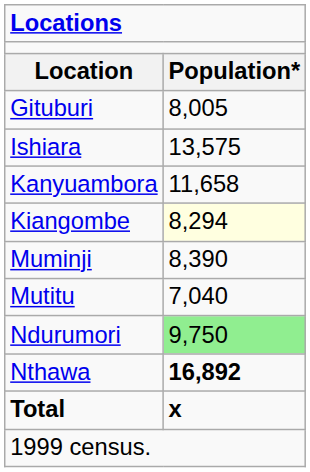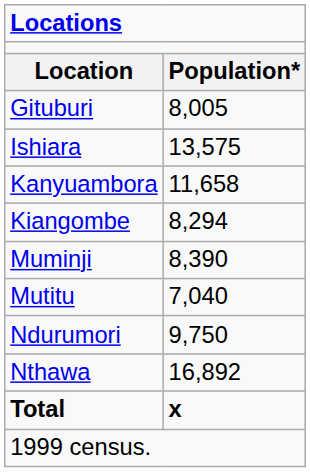 <table class="wikitable">
 <tr>
 <td colspan="2"><strong><a href='#'>Locations</a></strong></td>
 </tr>
 <tr>
 <td colspan="2"></td>
 </tr>
 <tr>
 <th>Location</th>
 <th>Population*</th>
 </tr>
 <tr>
 <td><a href='#'>Gituburi</a></td>
 <td>8,005</td>
 </tr>
 <tr>
 <td><a href='#'>Ishiara</a></td>
 <td>13,575</td>
 </tr>
 <tr>
 <td><a href='#'>Kanyuambora</a></td>
 <td>11,658</td>
 </tr>
 <tr>
 <td><a href='#'>Kiangombe</a></td>
-<td style="background: lightyellow;">8,294</td>
+<td>8,294</td>
 </tr>
 <tr>
 <td><a href='#'>Muminji</a></td>
 <td>8,390</td>
 </tr>
 <tr>
 <td><a href='#'>Mutitu</a></td>
 <td>7,040</td>
 </tr>
 <tr>
 <td><a href='#'>Ndurumori</a></td>
-<td style="background: lightgreen;">9,750</td>
+<td>9,750</td>
 </tr>
 <tr>
 <td><a href='#'>Nthawa</a></td>
-<td><strong>16,892</strong></td>
+<td>16,892</td>
 </tr>
 <tr>
 <td><strong>Total</strong></td>
 <td><strong>x</strong></td>
 </tr>
 <tr>
 <td colspan="2">1999 census.</td>
 </tr>
 </table>
